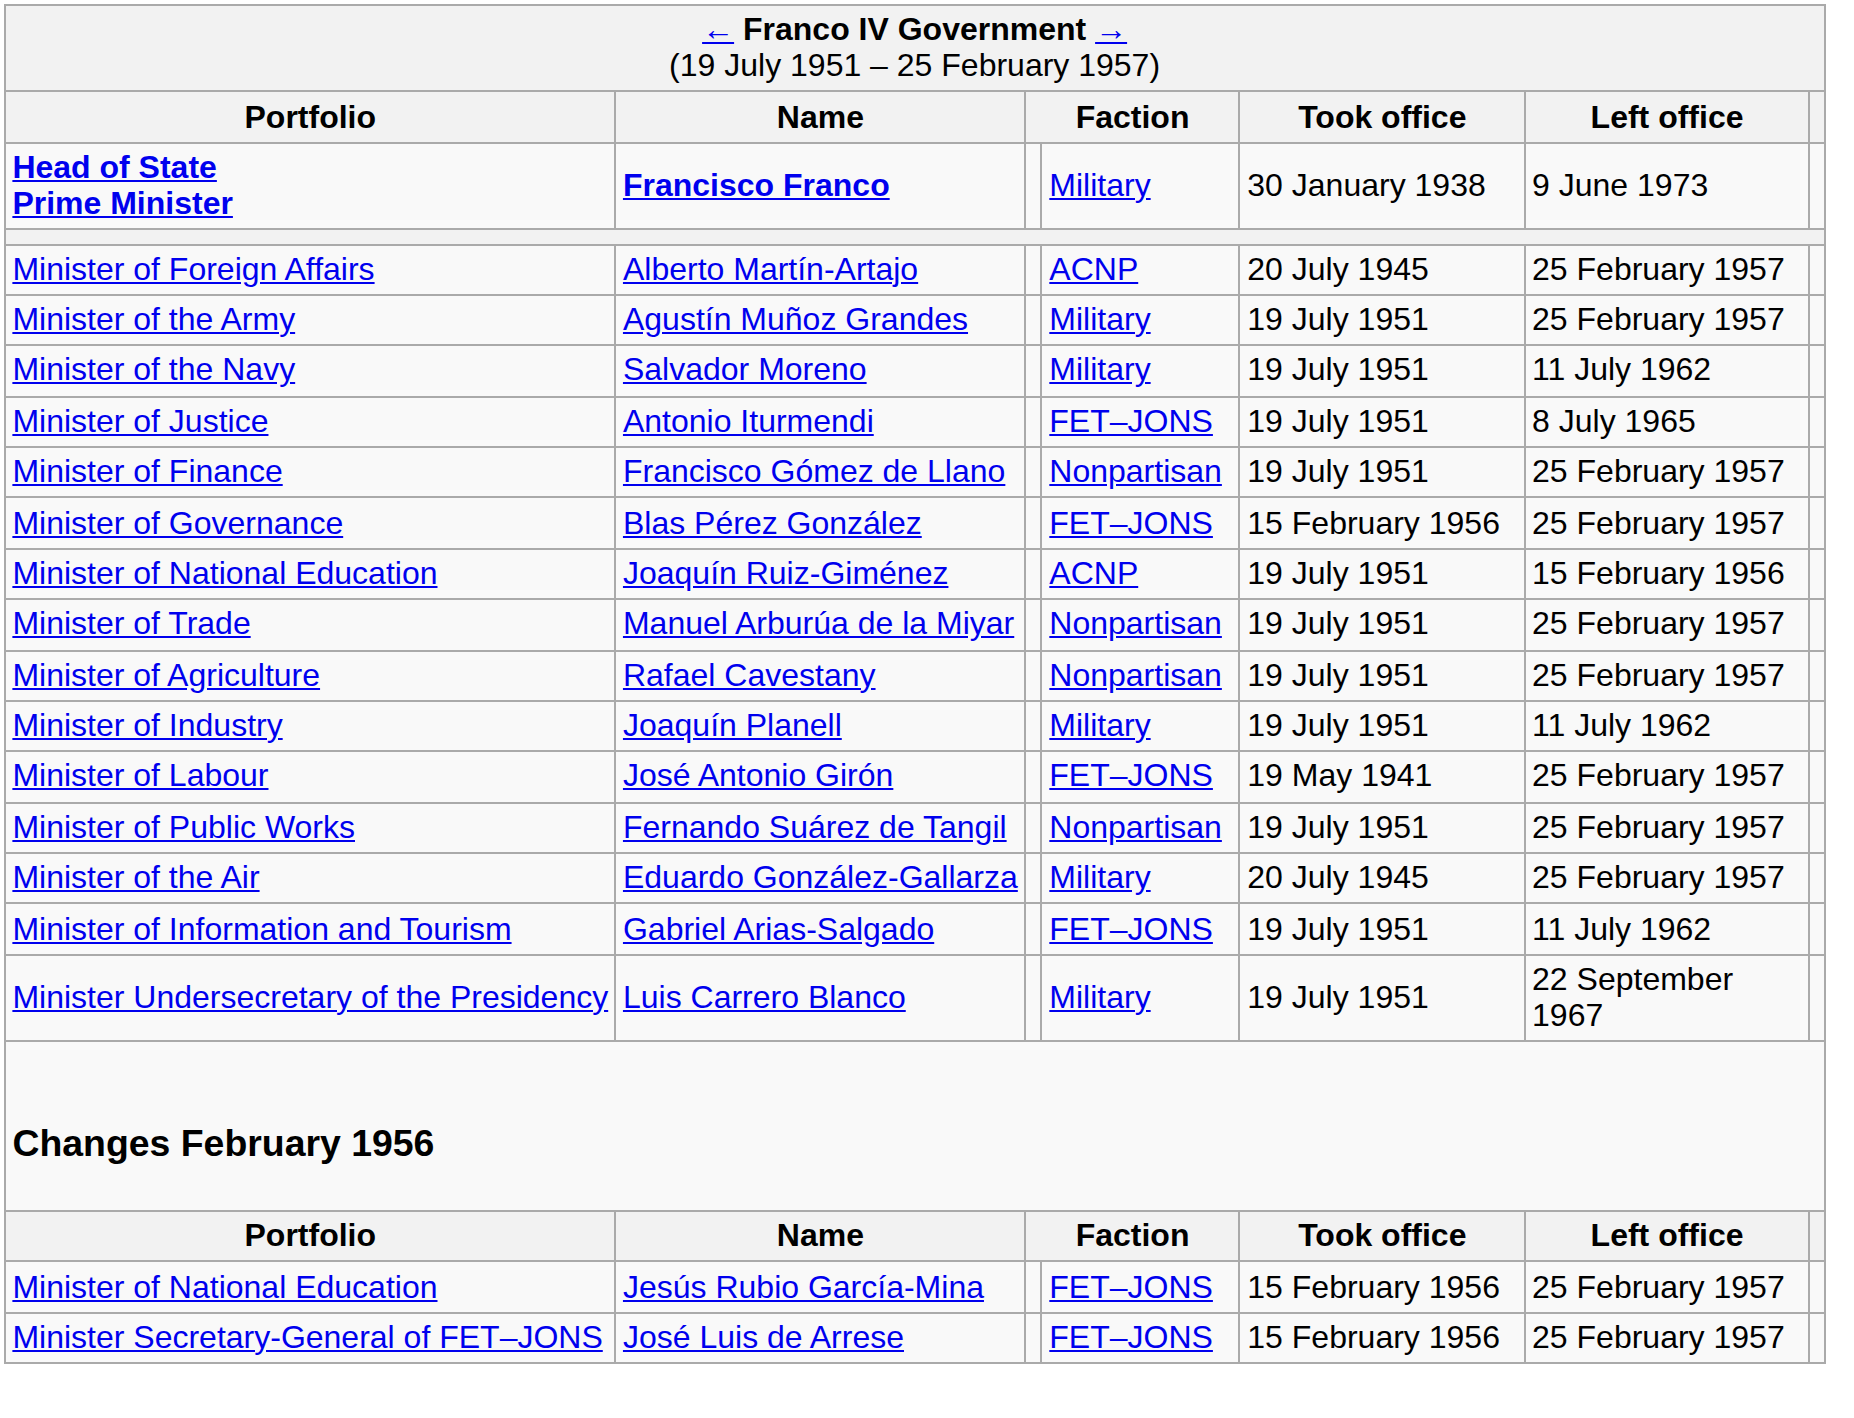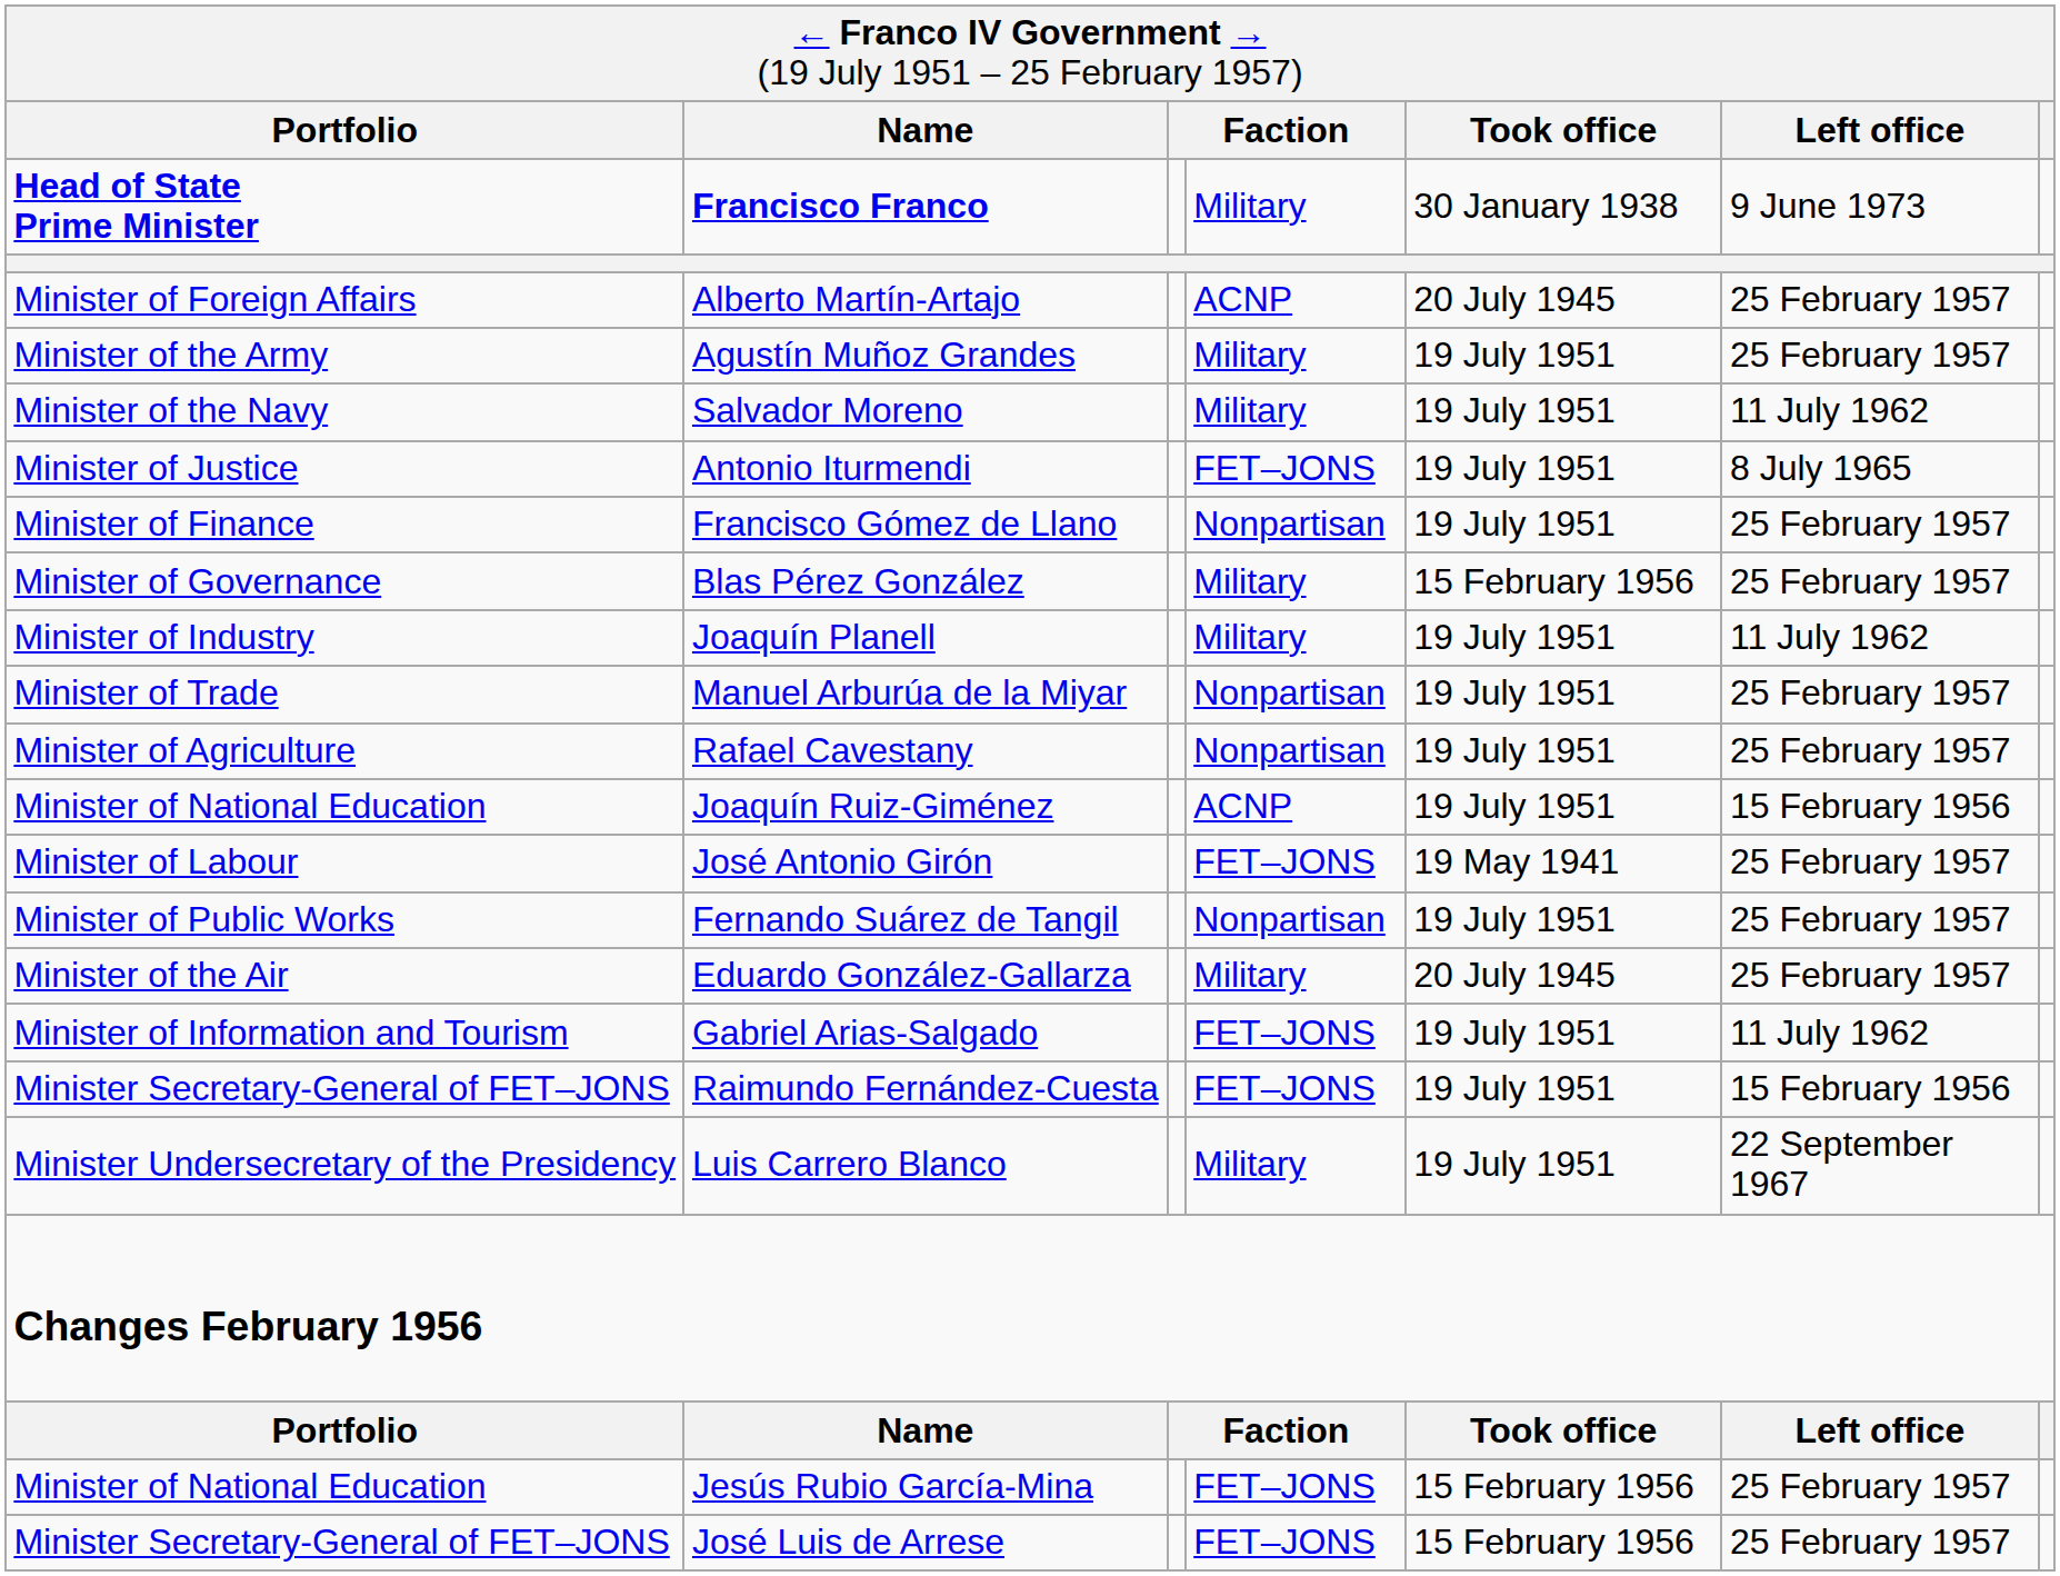 <table class="wikitable">
 <tr>
 <td colspan="7" bgcolor="#F2F2F2" align="center"><a href='#'>←</a> <strong>Franco IV Government</strong> <a href='#'>→</a><br>(19 July 1951 – 25 February 1957)</td>
 </tr>
 <tr>
 <th>Portfolio</th>
 <th>Name</th>
 <th width="100px" colspan="2">Faction</th>
 <th width="135px">Took office</th>
 <th width="135px">Left office</th>
 <th></th>
 </tr>
 <tr>
 <td><strong><a href='#'>Head of State</a><br><a href='#'>Prime Minister</a></strong></td>
 <td><strong><a href='#'>Francisco Franco</a></strong></td>
 <td width="1" style="background-color:"></td>
 <td><a href='#'>Military</a></td>
 <td>30 January 1938</td>
 <td>9 June 1973</td>
 <td align="center"><br></td>
 </tr>
 <tr>
 <th colspan="7"></th>
 </tr>
 <tr>
 <td><a href='#'>Minister of Foreign Affairs</a></td>
 <td><a href='#'>Alberto Martín-Artajo</a></td>
 <td style="background-color:"></td>
 <td><a href='#'>ACNP</a></td>
 <td>20 July 1945</td>
 <td>25 February 1957</td>
 <td align="center"></td>
 </tr>
 <tr>
 <td><a href='#'>Minister of the Army</a></td>
 <td><a href='#'>Agustín Muñoz Grandes</a></td>
 <td style="background-color:"></td>
 <td><a href='#'>Military</a></td>
 <td>19 July 1951</td>
 <td>25 February 1957</td>
 <td align="center"></td>
 </tr>
 <tr>
 <td><a href='#'>Minister of the Navy</a></td>
 <td><a href='#'>Salvador Moreno</a></td>
 <td style="background-color:"></td>
 <td><a href='#'>Military</a></td>
 <td>19 July 1951</td>
 <td>11 July 1962</td>
 <td align="center"></td>
 </tr>
 <tr>
 <td><a href='#'>Minister of Justice</a></td>
 <td><a href='#'>Antonio Iturmendi</a></td>
 <td style="background-color:"></td>
 <td><a href='#'>FET–JONS</a></td>
 <td>19 July 1951</td>
 <td>8 July 1965</td>
 <td align="center"></td>
 </tr>
 <tr>
 <td><a href='#'>Minister of Finance</a></td>
 <td><a href='#'>Francisco Gómez de Llano</a></td>
 <td style="background-color:"></td>
 <td><a href='#'>Nonpartisan</a></td>
 <td>19 July 1951</td>
 <td>25 February 1957</td>
 <td align="center"></td>
 </tr>
 <tr>
 <td><a href='#'>Minister of Governance</a></td>
 <td><a href='#'>Blas Pérez González</a></td>
 <td style="background-color:"></td>
-<td><a href='#'>FET–JONS</a></td>
+<td><a href='#'>Military</a></td>
 <td>15 February 1956</td>
 <td>25 February 1957</td>
 <td align="center"></td>
 </tr>
 <tr>
-<td><a href='#'>Minister of National Education</a></td>
-<td><a href='#'>Joaquín Ruiz-Giménez</a></td>
+<td><a href='#'>Minister of Industry</a></td>
+<td><a href='#'>Joaquín Planell</a></td>
 <td style="background-color:"></td>
-<td><a href='#'>ACNP</a></td>
+<td><a href='#'>Military</a></td>
 <td>19 July 1951</td>
-<td>15 February 1956</td>
+<td>11 July 1962</td>
 <td align="center"></td>
 </tr>
 <tr>
 <td><a href='#'>Minister of Trade</a></td>
 <td><a href='#'>Manuel Arburúa de la Miyar</a></td>
 <td style="background-color:"></td>
 <td><a href='#'>Nonpartisan</a></td>
 <td>19 July 1951</td>
 <td>25 February 1957</td>
 <td align="center"></td>
 </tr>
 <tr>
 <td><a href='#'>Minister of Agriculture</a></td>
 <td><a href='#'>Rafael Cavestany</a></td>
 <td style="background-color:"></td>
 <td><a href='#'>Nonpartisan</a></td>
 <td>19 July 1951</td>
 <td>25 February 1957</td>
 <td align="center"></td>
 </tr>
 <tr>
-<td><a href='#'>Minister of Industry</a></td>
-<td><a href='#'>Joaquín Planell</a></td>
+<td><a href='#'>Minister of National Education</a></td>
+<td><a href='#'>Joaquín Ruiz-Giménez</a></td>
 <td style="background-color:"></td>
-<td><a href='#'>Military</a></td>
+<td><a href='#'>ACNP</a></td>
 <td>19 July 1951</td>
-<td>11 July 1962</td>
+<td>15 February 1956</td>
 <td align="center"></td>
 </tr>
 <tr>
 <td><a href='#'>Minister of Labour</a></td>
 <td><a href='#'>José Antonio Girón</a></td>
 <td style="background-color:"></td>
 <td><a href='#'>FET–JONS</a></td>
 <td>19 May 1941</td>
 <td>25 February 1957</td>
 <td align="center"></td>
 </tr>
 <tr>
 <td><a href='#'>Minister of Public Works</a></td>
 <td><a href='#'>Fernando Suárez de Tangil</a></td>
 <td style="background-color:"></td>
 <td><a href='#'>Nonpartisan</a></td>
 <td>19 July 1951</td>
 <td>25 February 1957</td>
 <td align="center"></td>
 </tr>
 <tr>
 <td><a href='#'>Minister of the Air</a></td>
 <td><a href='#'>Eduardo González-Gallarza</a></td>
 <td style="background-color:"></td>
 <td><a href='#'>Military</a></td>
 <td>20 July 1945</td>
 <td>25 February 1957</td>
 <td align="center"></td>
 </tr>
 <tr>
 <td><a href='#'>Minister of Information and Tourism</a></td>
 <td><a href='#'>Gabriel Arias-Salgado</a></td>
 <td style="background-color:"></td>
 <td><a href='#'>FET–JONS</a></td>
 <td>19 July 1951</td>
 <td>11 July 1962</td>
+<td align="center"></td>
+</tr>
+<tr>
+<td><a href='#'>Minister Secretary-General of FET–JONS</a></td>
+<td><a href='#'>Raimundo Fernández-Cuesta</a></td>
+<td style="background-color:"></td>
+<td><a href='#'>FET–JONS</a></td>
+<td>19 July 1951</td>
+<td>15 February 1956</td>
 <td align="center"></td>
 </tr>
 <tr>
 <td><a href='#'>Minister Undersecretary of the Presidency</a></td>
 <td><a href='#'>Luis Carrero Blanco</a></td>
 <td style="background-color:"></td>
 <td><a href='#'>Military</a></td>
 <td>19 July 1951</td>
 <td>22 September 1967</td>
 <td align="center"></td>
 </tr>
 <tr>
 <td colspan="7"><br><h3>Changes February 1956</h3></td>
 </tr>
 <tr>
 <th>Portfolio</th>
 <th>Name</th>
 <th colspan="2">Faction</th>
 <th>Took office</th>
 <th>Left office</th>
 <th></th>
 </tr>
 <tr>
 <td><a href='#'>Minister of National Education</a></td>
 <td><a href='#'>Jesús Rubio García-Mina</a></td>
 <td style="background-color:"></td>
 <td><a href='#'>FET–JONS</a></td>
 <td>15 February 1956</td>
 <td>25 February 1957</td>
 <td align="center"></td>
 </tr>
 <tr>
 <td><a href='#'>Minister Secretary-General of FET–JONS</a></td>
 <td><a href='#'>José Luis de Arrese</a></td>
 <td style="background-color:"></td>
 <td><a href='#'>FET–JONS</a></td>
 <td>15 February 1956</td>
 <td>25 February 1957</td>
 <td align="center"></td>
 </tr>
 </table>
